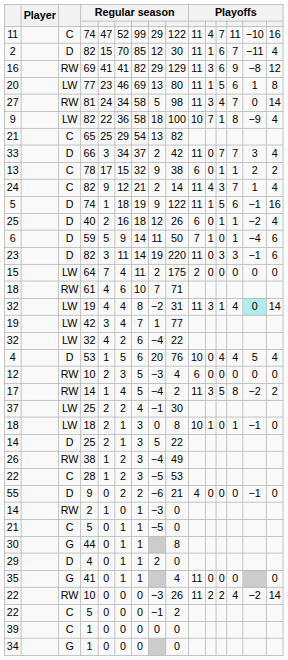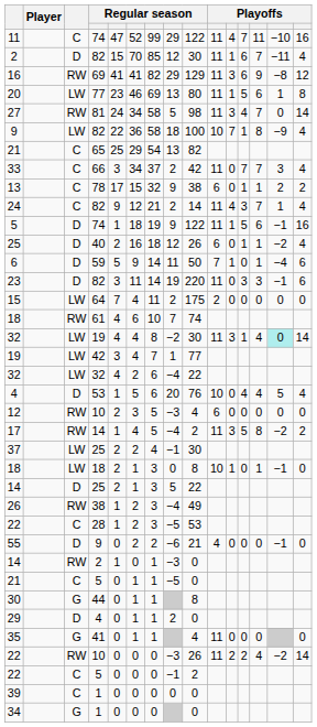 <table class="wikitable sortable plainrowheaders" style="text-align:center;">
 <tr>
 <th scope="col" data-sort-type="number" rowspan="2"></th>
 <th scope="col" rowspan="2">Player</th>
 <th scope="col" rowspan="2"></th>
 <th scope=colgroup colspan=6>Regular season</th>
 <th scope=colgroup colspan=6>Playoffs</th>
 </tr>
 <tr>
 <th scope="col" data-sort-type="number"></th>
 <th scope="col" data-sort-type="number"></th>
 <th scope="col" data-sort-type="number"></th>
 <th scope="col" data-sort-type="number"></th>
 <th scope="col" data-sort-type="number"></th>
 <th scope="col" data-sort-type="number"></th>
 <th scope="col" data-sort-type="number"></th>
 <th scope="col" data-sort-type="number"></th>
 <th scope="col" data-sort-type="number"></th>
 <th scope="col" data-sort-type="number"></th>
 <th scope="col" data-sort-type="number"></th>
 <th scope="col" data-sort-type="number"></th>
 </tr>
 <tr>
 <td scope="row">11</td>
 <td align="left"></td>
 <td>C</td>
 <td>74</td>
 <td>47</td>
 <td>52</td>
 <td>99</td>
 <td>29</td>
 <td>122</td>
 <td>11</td>
 <td>4</td>
 <td>7</td>
 <td>11</td>
 <td>−10</td>
 <td>16</td>
 </tr>
 <tr>
 <td scope="row">2</td>
 <td align="left"></td>
 <td>D</td>
 <td>82</td>
 <td>15</td>
 <td>70</td>
 <td>85</td>
 <td>12</td>
 <td>30</td>
 <td>11</td>
 <td>1</td>
 <td>6</td>
 <td>7</td>
 <td>−11</td>
 <td>4</td>
 </tr>
 <tr>
 <td scope="row">16</td>
 <td align="left"></td>
 <td>RW</td>
 <td>69</td>
 <td>41</td>
 <td>41</td>
 <td>82</td>
 <td>29</td>
 <td>129</td>
 <td>11</td>
 <td>3</td>
 <td>6</td>
 <td>9</td>
 <td>−8</td>
 <td>12</td>
 </tr>
 <tr>
 <td scope="row">20</td>
 <td align="left"></td>
 <td>LW</td>
 <td>77</td>
 <td>23</td>
 <td>46</td>
 <td>69</td>
 <td>13</td>
 <td>80</td>
 <td>11</td>
 <td>1</td>
 <td>5</td>
 <td>6</td>
 <td>1</td>
 <td>8</td>
 </tr>
 <tr>
 <td scope="row">27</td>
 <td align="left"></td>
 <td>RW</td>
 <td>81</td>
 <td>24</td>
 <td>34</td>
 <td>58</td>
 <td>5</td>
 <td>98</td>
 <td>11</td>
 <td>3</td>
 <td>4</td>
 <td>7</td>
 <td>0</td>
 <td>14</td>
 </tr>
 <tr>
 <td scope="row">9</td>
 <td align="left"></td>
 <td>LW</td>
 <td>82</td>
 <td>22</td>
 <td>36</td>
 <td>58</td>
 <td>18</td>
 <td>100</td>
 <td>10</td>
 <td>7</td>
 <td>1</td>
 <td>8</td>
 <td>−9</td>
 <td>4</td>
 </tr>
 <tr>
 <td scope="row">21</td>
 <td align="left"></td>
 <td>C</td>
 <td>65</td>
 <td>25</td>
 <td>29</td>
 <td>54</td>
 <td>13</td>
 <td>82</td>
 <td></td>
 <td></td>
 <td></td>
 <td></td>
 <td></td>
 <td></td>
 </tr>
 <tr>
 <td scope="row">33</td>
 <td align="left"></td>
-<td>D</td>
+<td>C</td>
 <td>66</td>
 <td>3</td>
 <td>34</td>
 <td>37</td>
 <td>2</td>
 <td>42</td>
 <td>11</td>
 <td>0</td>
 <td>7</td>
 <td>7</td>
 <td>3</td>
 <td>4</td>
 </tr>
 <tr>
 <td scope="row">13</td>
 <td align="left"></td>
 <td>C</td>
 <td>78</td>
 <td>17</td>
 <td>15</td>
 <td>32</td>
 <td>9</td>
 <td>38</td>
 <td>6</td>
 <td>0</td>
 <td>1</td>
 <td>1</td>
 <td>2</td>
 <td>2</td>
 </tr>
 <tr>
 <td scope="row">24</td>
 <td align="left"></td>
 <td>C</td>
 <td>82</td>
 <td>9</td>
 <td>12</td>
 <td>21</td>
 <td>2</td>
 <td>14</td>
 <td>11</td>
 <td>4</td>
 <td>3</td>
 <td>7</td>
 <td>1</td>
 <td>4</td>
 </tr>
 <tr>
 <td scope="row">5</td>
 <td align="left"></td>
 <td>D</td>
 <td>74</td>
 <td>1</td>
 <td>18</td>
 <td>19</td>
 <td>9</td>
 <td>122</td>
 <td>11</td>
 <td>1</td>
 <td>5</td>
 <td>6</td>
 <td>−1</td>
 <td>16</td>
 </tr>
 <tr>
 <td scope="row">25</td>
 <td align="left"></td>
 <td>D</td>
 <td>40</td>
 <td>2</td>
 <td>16</td>
 <td>18</td>
 <td>12</td>
 <td>26</td>
 <td>6</td>
 <td>0</td>
 <td>1</td>
 <td>1</td>
 <td>−2</td>
 <td>4</td>
 </tr>
 <tr>
 <td scope="row">6</td>
 <td align="left"></td>
 <td>D</td>
 <td>59</td>
 <td>5</td>
 <td>9</td>
 <td>14</td>
 <td>11</td>
 <td>50</td>
 <td>7</td>
 <td>1</td>
 <td>0</td>
 <td>1</td>
 <td>−4</td>
 <td>6</td>
 </tr>
 <tr>
 <td scope="row">23</td>
 <td align="left"></td>
 <td>D</td>
 <td>82</td>
 <td>3</td>
 <td>11</td>
 <td>14</td>
 <td>19</td>
 <td>220</td>
 <td>11</td>
 <td>0</td>
 <td>3</td>
 <td>3</td>
 <td>−1</td>
 <td>6</td>
 </tr>
 <tr>
 <td scope="row">15</td>
 <td align="left"></td>
 <td>LW</td>
 <td>64</td>
 <td>7</td>
 <td>4</td>
 <td>11</td>
 <td>2</td>
 <td>175</td>
 <td>2</td>
 <td>0</td>
 <td>0</td>
 <td>0</td>
 <td>0</td>
 <td>0</td>
 </tr>
 <tr>
 <td scope="row">18</td>
 <td align="left"></td>
 <td>RW</td>
 <td>61</td>
 <td>4</td>
 <td>6</td>
 <td>10</td>
 <td>7</td>
-<td>71</td>
+<td>74</td>
 <td></td>
 <td></td>
 <td></td>
 <td></td>
 <td></td>
 <td></td>
 </tr>
 <tr>
 <td scope="row">32</td>
 <td align="left"></td>
 <td>LW</td>
 <td>19</td>
 <td>4</td>
 <td>4</td>
 <td>8</td>
 <td>−2</td>
-<td>31</td>
+<td>30</td>
 <td>11</td>
 <td>3</td>
 <td>1</td>
 <td>4</td>
 <td style="background: paleturquoise;">0</td>
 <td>14</td>
 </tr>
 <tr>
 <td scope="row">19</td>
 <td align="left"></td>
 <td>LW</td>
 <td>42</td>
 <td>3</td>
 <td>4</td>
 <td>7</td>
 <td>1</td>
 <td>77</td>
 <td></td>
 <td></td>
 <td></td>
 <td></td>
 <td></td>
 <td></td>
 </tr>
 <tr>
 <td scope="row">32</td>
 <td align="left"></td>
 <td>LW</td>
 <td>32</td>
 <td>4</td>
 <td>2</td>
 <td>6</td>
 <td>−4</td>
 <td>22</td>
 <td></td>
 <td></td>
 <td></td>
 <td></td>
 <td></td>
 <td></td>
 </tr>
 <tr>
 <td scope="row">4</td>
 <td align="left"></td>
 <td>D</td>
 <td>53</td>
 <td>1</td>
 <td>5</td>
 <td>6</td>
 <td>20</td>
 <td>76</td>
 <td>10</td>
 <td>0</td>
 <td>4</td>
 <td>4</td>
 <td>5</td>
 <td>4</td>
 </tr>
 <tr>
 <td scope="row">12</td>
 <td align="left"></td>
 <td>RW</td>
 <td>10</td>
 <td>2</td>
 <td>3</td>
 <td>5</td>
 <td>−3</td>
 <td>4</td>
 <td>6</td>
 <td>0</td>
 <td>0</td>
 <td>0</td>
 <td>0</td>
 <td>0</td>
 </tr>
 <tr>
 <td scope="row">17</td>
 <td align="left"></td>
 <td>RW</td>
 <td>14</td>
 <td>1</td>
 <td>4</td>
 <td>5</td>
 <td>−4</td>
 <td>2</td>
 <td>11</td>
 <td>3</td>
 <td>5</td>
 <td>8</td>
 <td>−2</td>
 <td>2</td>
 </tr>
 <tr>
 <td scope="row">37</td>
 <td align="left"></td>
 <td>LW</td>
 <td>25</td>
 <td>2</td>
 <td>2</td>
 <td>4</td>
 <td>−1</td>
 <td>30</td>
 <td></td>
 <td></td>
 <td></td>
 <td></td>
 <td></td>
 <td></td>
 </tr>
 <tr>
 <td scope="row">18</td>
 <td align="left"></td>
 <td>LW</td>
 <td>18</td>
 <td>2</td>
 <td>1</td>
 <td>3</td>
 <td>0</td>
 <td>8</td>
 <td>10</td>
 <td>1</td>
 <td>0</td>
 <td>1</td>
 <td>−1</td>
 <td>0</td>
 </tr>
 <tr>
 <td scope="row">14</td>
 <td align="left"></td>
 <td>D</td>
 <td>25</td>
 <td>2</td>
 <td>1</td>
 <td>3</td>
 <td>5</td>
 <td>22</td>
 <td></td>
 <td></td>
 <td></td>
 <td></td>
 <td></td>
 <td></td>
 </tr>
 <tr>
 <td scope="row">26</td>
 <td align="left"></td>
 <td>RW</td>
 <td>38</td>
 <td>1</td>
 <td>2</td>
 <td>3</td>
 <td>−4</td>
 <td>49</td>
 <td></td>
 <td></td>
 <td></td>
 <td></td>
 <td></td>
 <td></td>
 </tr>
 <tr>
 <td scope="row">22</td>
 <td align="left"></td>
 <td>C</td>
 <td>28</td>
 <td>1</td>
 <td>2</td>
 <td>3</td>
 <td>−5</td>
 <td>53</td>
 <td></td>
 <td></td>
 <td></td>
 <td></td>
 <td></td>
 <td></td>
 </tr>
 <tr>
 <td scope="row">55</td>
 <td align="left"></td>
 <td>D</td>
 <td>9</td>
 <td>0</td>
 <td>2</td>
 <td>2</td>
 <td>−6</td>
 <td>21</td>
 <td>4</td>
 <td>0</td>
 <td>0</td>
 <td>0</td>
 <td>−1</td>
 <td>0</td>
 </tr>
 <tr>
 <td scope="row">14</td>
 <td align="left"></td>
 <td>RW</td>
 <td>2</td>
 <td>1</td>
 <td>0</td>
 <td>1</td>
 <td>−3</td>
 <td>0</td>
 <td></td>
 <td></td>
 <td></td>
 <td></td>
 <td></td>
 <td></td>
 </tr>
 <tr>
 <td scope="row">21</td>
 <td align="left"></td>
 <td>C</td>
 <td>5</td>
 <td>0</td>
 <td>1</td>
 <td>1</td>
 <td>−5</td>
 <td>0</td>
 <td></td>
 <td></td>
 <td></td>
 <td></td>
 <td></td>
 <td></td>
 </tr>
 <tr>
 <td scope="row">30</td>
 <td align="left"></td>
 <td>G</td>
 <td>44</td>
 <td>0</td>
 <td>1</td>
 <td>1</td>
 <td style="background:#ccc"></td>
 <td>8</td>
 <td></td>
 <td></td>
 <td></td>
 <td></td>
 <td></td>
 <td></td>
 </tr>
 <tr>
 <td scope="row">29</td>
 <td align="left"></td>
 <td>D</td>
 <td>4</td>
 <td>0</td>
 <td>1</td>
 <td>1</td>
 <td>2</td>
 <td>0</td>
 <td></td>
 <td></td>
 <td></td>
 <td></td>
 <td></td>
 <td></td>
 </tr>
 <tr>
 <td scope="row">35</td>
 <td align="left"></td>
 <td>G</td>
 <td>41</td>
 <td>0</td>
 <td>1</td>
 <td>1</td>
 <td style="background:#ccc"></td>
 <td>4</td>
 <td>11</td>
 <td>0</td>
 <td>0</td>
 <td>0</td>
 <td style="background:#ccc"></td>
 <td>0</td>
 </tr>
 <tr>
 <td scope="row">22</td>
 <td align="left"></td>
 <td>RW</td>
 <td>10</td>
 <td>0</td>
 <td>0</td>
 <td>0</td>
 <td>−3</td>
 <td>26</td>
 <td>11</td>
 <td>2</td>
 <td>2</td>
 <td>4</td>
 <td>−2</td>
 <td>14</td>
 </tr>
 <tr>
 <td scope="row">22</td>
 <td align="left"></td>
 <td>C</td>
 <td>5</td>
 <td>0</td>
 <td>0</td>
 <td>0</td>
 <td>−1</td>
 <td>2</td>
 <td></td>
 <td></td>
 <td></td>
 <td></td>
 <td></td>
 <td></td>
 </tr>
 <tr>
 <td scope="row">39</td>
 <td align="left"></td>
 <td>C</td>
 <td>1</td>
 <td>0</td>
 <td>0</td>
 <td>0</td>
 <td>0</td>
 <td>0</td>
 <td></td>
 <td></td>
 <td></td>
 <td></td>
 <td></td>
 <td></td>
 </tr>
 <tr>
 <td scope="row">34</td>
 <td align="left"></td>
 <td>G</td>
 <td>1</td>
 <td>0</td>
 <td>0</td>
 <td>0</td>
 <td style="background:#ccc"></td>
 <td>0</td>
 <td></td>
 <td></td>
 <td></td>
 <td></td>
 <td></td>
 <td></td>
 </tr>
 </table>
